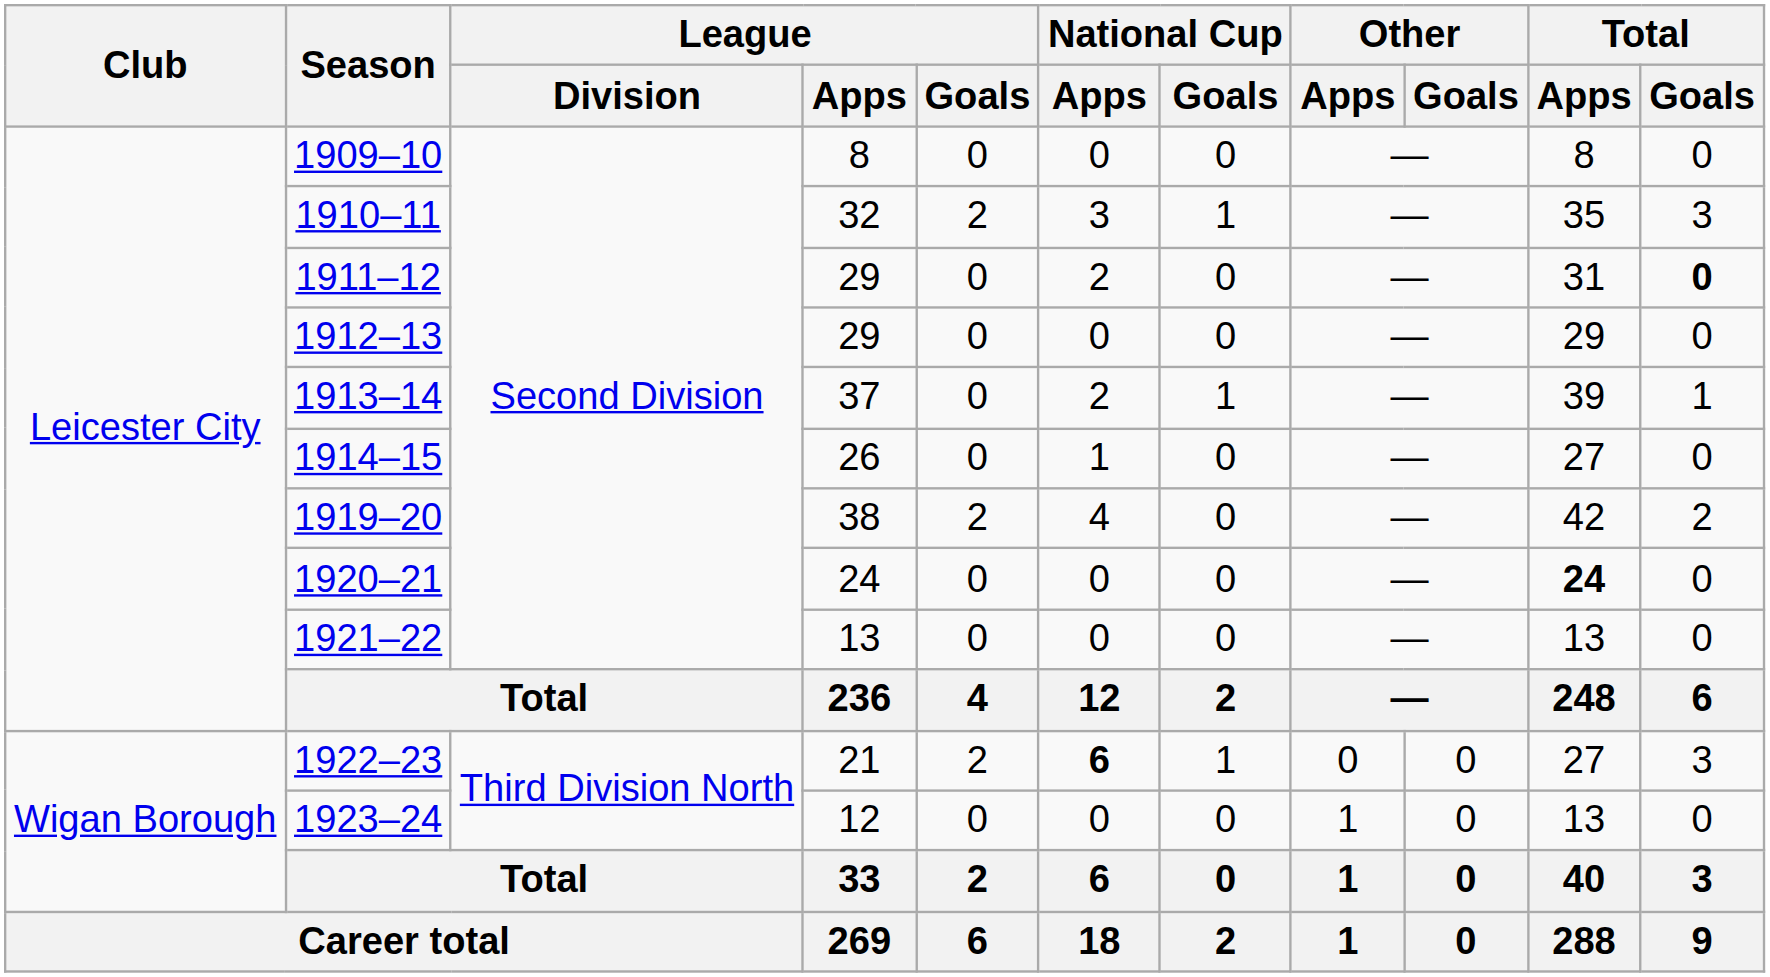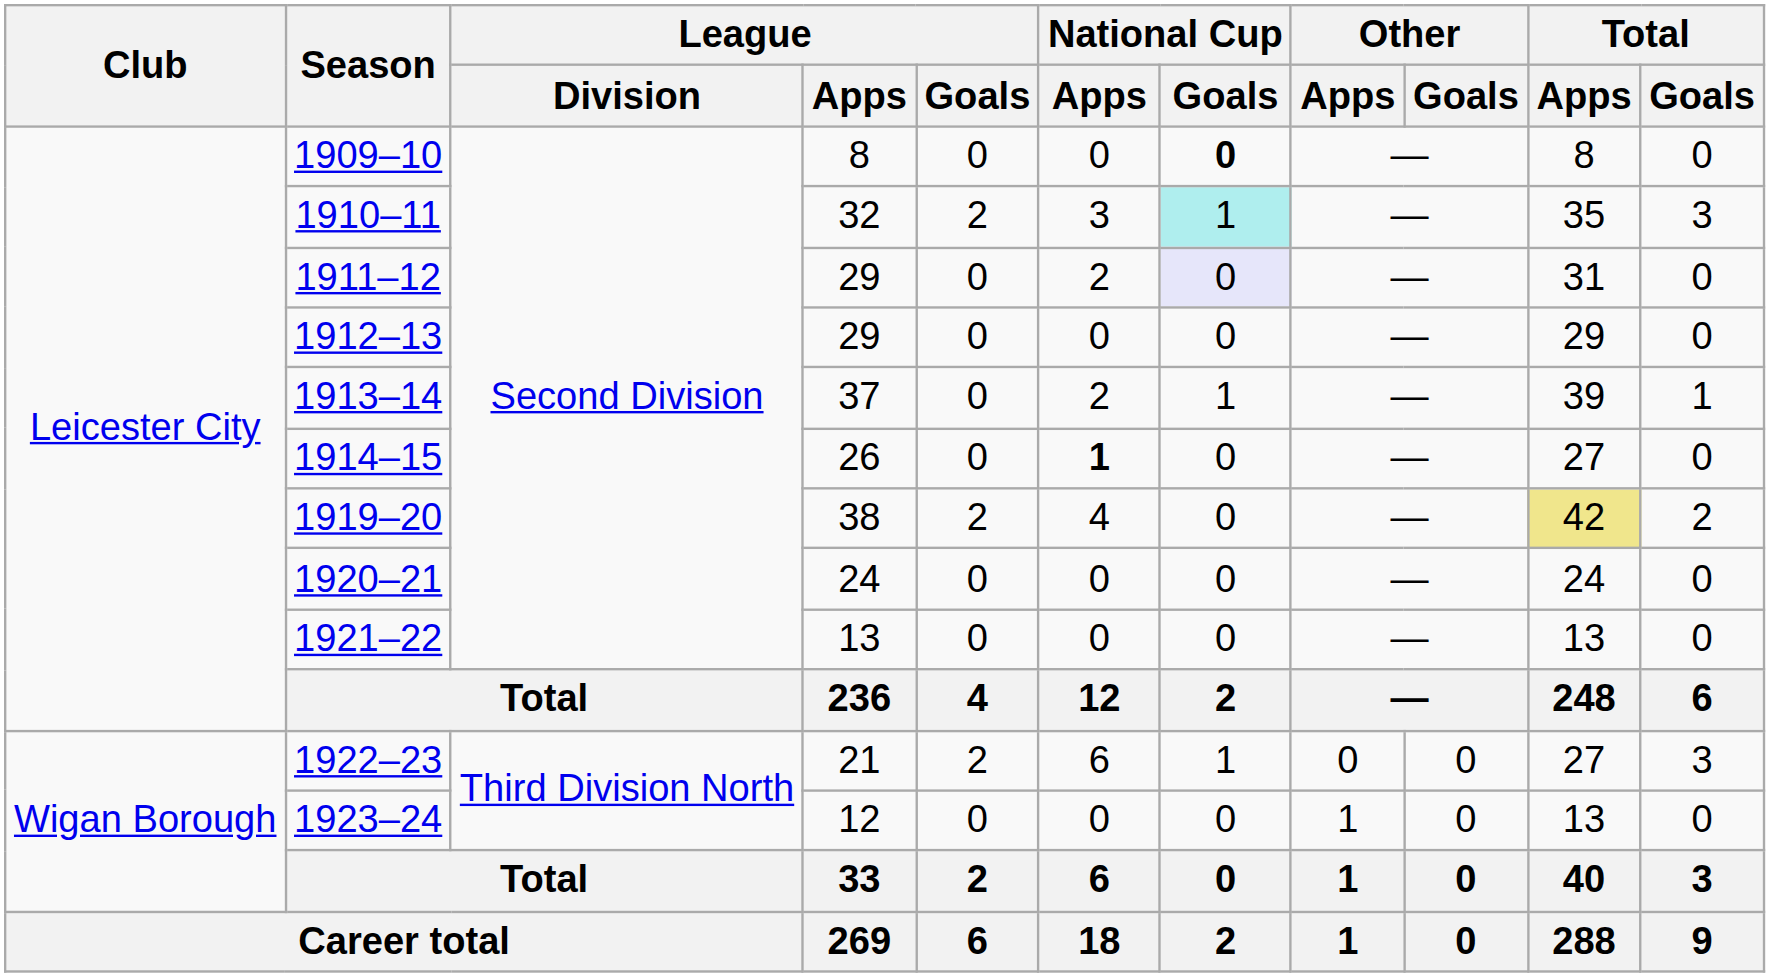 <table class="wikitable" style="text-align: center">
 <tr>
 <th rowspan="2">Club</th>
 <th rowspan="2">Season</th>
 <th colspan="3">League</th>
 <th colspan="2">National Cup</th>
 <th colspan="2">Other</th>
 <th colspan="2">Total</th>
 </tr>
 <tr>
 <th>Division</th>
 <th>Apps</th>
 <th>Goals</th>
 <th>Apps</th>
 <th>Goals</th>
 <th>Apps</th>
 <th>Goals</th>
 <th>Apps</th>
 <th>Goals</th>
 </tr>
 <tr>
 <td rowspan="10"><a href='#'>Leicester City</a></td>
 <td><a href='#'>1909–10</a></td>
 <td rowspan="9"><a href='#'>Second Division</a></td>
 <td>8</td>
 <td>0</td>
 <td>0</td>
-<td>0</td>
+<td><strong>0</strong></td>
 <td colspan="2">―</td>
 <td>8</td>
 <td>0</td>
 </tr>
 <tr>
 <td><a href='#'>1910–11</a></td>
 <td>32</td>
 <td>2</td>
 <td>3</td>
-<td>1</td>
+<td style="background: paleturquoise;">1</td>
 <td colspan="2">―</td>
 <td>35</td>
 <td>3</td>
 </tr>
 <tr>
 <td><a href='#'>1911–12</a></td>
 <td>29</td>
 <td>0</td>
 <td>2</td>
-<td>0</td>
+<td style="background: lavender;">0</td>
 <td colspan="2">―</td>
 <td>31</td>
-<td><strong>0</strong></td>
+<td>0</td>
 </tr>
 <tr>
 <td><a href='#'>1912–13</a></td>
 <td>29</td>
 <td>0</td>
 <td>0</td>
 <td>0</td>
 <td colspan="2">―</td>
 <td>29</td>
 <td>0</td>
 </tr>
 <tr>
 <td><a href='#'>1913–14</a></td>
 <td>37</td>
 <td>0</td>
 <td>2</td>
 <td>1</td>
 <td colspan="2">―</td>
 <td>39</td>
 <td>1</td>
 </tr>
 <tr>
 <td><a href='#'>1914–15</a></td>
 <td>26</td>
 <td>0</td>
-<td>1</td>
+<td><strong>1</strong></td>
 <td>0</td>
 <td colspan="2">―</td>
 <td>27</td>
 <td>0</td>
 </tr>
 <tr>
 <td><a href='#'>1919–20</a></td>
 <td>38</td>
 <td>2</td>
 <td>4</td>
 <td>0</td>
 <td colspan="2">―</td>
-<td>42</td>
+<td style="background: khaki;">42</td>
 <td>2</td>
 </tr>
 <tr>
 <td><a href='#'>1920–21</a></td>
 <td>24</td>
 <td>0</td>
 <td>0</td>
 <td>0</td>
 <td colspan="2">―</td>
-<td><strong>24</strong></td>
+<td>24</td>
 <td>0</td>
 </tr>
 <tr>
 <td><a href='#'>1921–22</a></td>
 <td>13</td>
 <td>0</td>
 <td>0</td>
 <td>0</td>
 <td colspan="2">―</td>
 <td>13</td>
 <td>0</td>
 </tr>
 <tr>
 <th colspan="2">Total</th>
 <th>236</th>
 <th>4</th>
 <th>12</th>
 <th>2</th>
 <th colspan="2">―</th>
 <th>248</th>
 <th>6</th>
 </tr>
 <tr>
 <td rowspan="3"><a href='#'>Wigan Borough</a></td>
 <td><a href='#'>1922–23</a></td>
 <td rowspan="2"><a href='#'>Third Division North</a></td>
 <td>21</td>
 <td>2</td>
-<td><strong>6</strong></td>
+<td>6</td>
 <td>1</td>
 <td>0</td>
 <td>0</td>
 <td>27</td>
 <td>3</td>
 </tr>
 <tr>
 <td><a href='#'>1923–24</a></td>
 <td>12</td>
 <td>0</td>
 <td>0</td>
 <td>0</td>
 <td>1</td>
 <td>0</td>
 <td>13</td>
 <td>0</td>
 </tr>
 <tr>
 <th colspan="2">Total</th>
 <th>33</th>
 <th>2</th>
 <th>6</th>
 <th>0</th>
 <th>1</th>
 <th>0</th>
 <th>40</th>
 <th>3</th>
 </tr>
 <tr>
 <th colspan="3">Career total</th>
 <th>269</th>
 <th>6</th>
 <th>18</th>
 <th>2</th>
 <th>1</th>
 <th>0</th>
 <th>288</th>
 <th>9</th>
 </tr>
 </table>
